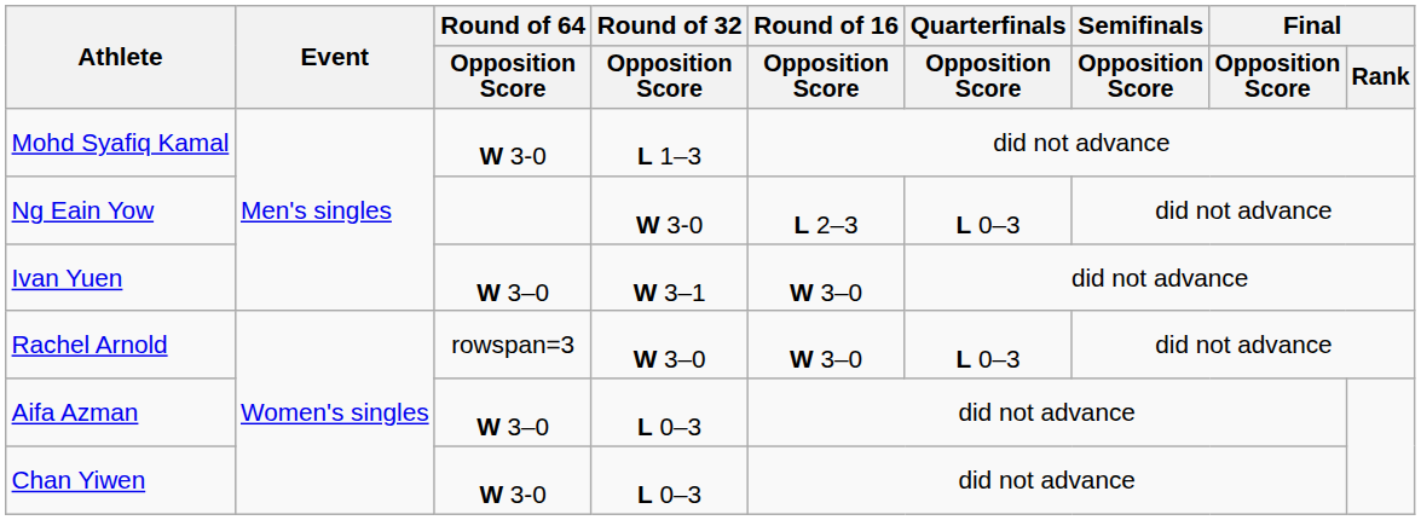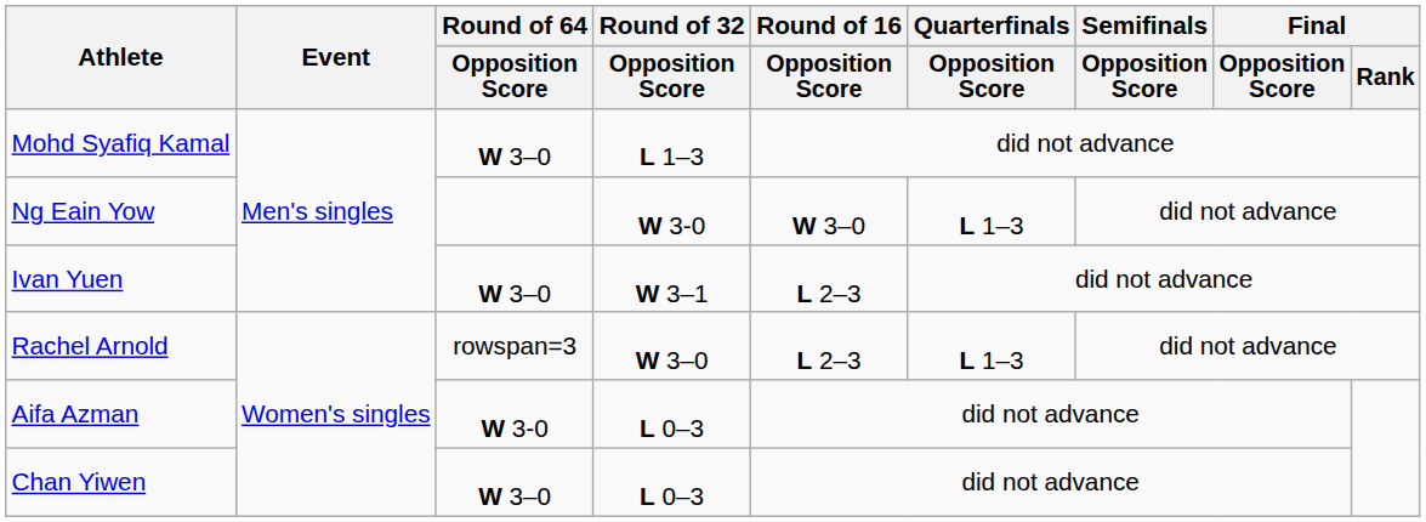 <table class=wikitable style=font-size:90%;text-align:center>
 <tr>
 <th rowspan=2>Athlete</th>
 <th rowspan=2>Event</th>
 <th>Round of 64</th>
 <th>Round of 32</th>
 <th>Round of 16</th>
 <th>Quarterfinals</th>
 <th>Semifinals</th>
 <th colspan=2>Final</th>
 </tr>
 <tr style=font-size:95%>
 <th>Opposition<br>Score</th>
 <th>Opposition<br>Score</th>
 <th>Opposition<br>Score</th>
 <th>Opposition<br>Score</th>
 <th>Opposition<br>Score</th>
 <th>Opposition<br>Score</th>
 <th>Rank</th>
 </tr>
 <tr>
 <td style="text-align:left"><a href='#'>Mohd Syafiq Kamal</a></td>
 <td style="text-align:left" rowspan=3><a href='#'>Men's singles</a></td>
-<td><br><strong>W</strong> 3-0</td>
+<td><br><strong>W</strong> 3–0</td>
 <td><br><strong>L</strong> 1–3</td>
 <td colspan=5>did not advance</td>
 </tr>
 <tr>
 <td style="text-align:left"><a href='#'>Ng Eain Yow</a></td>
 <td></td>
 <td><br><strong>W</strong> 3-0</td>
-<td><br><strong>L</strong> 2–3</td>
-<td><br><strong>L</strong> 0–3</td>
+<td><br><strong>W</strong> 3–0</td>
+<td><br><strong>L</strong> 1–3</td>
 <td colspan=3>did not advance</td>
 </tr>
 <tr>
 <td style="text-align:left"><a href='#'>Ivan Yuen</a></td>
 <td><br><strong>W</strong> 3–0</td>
 <td><br><strong>W</strong> 3–1</td>
-<td><br><strong>W</strong> 3–0</td>
+<td><br><strong>L</strong> 2–3</td>
 <td colspan=5>did not advance</td>
 </tr>
 <tr>
 <td style="text-align:left"><a href='#'>Rachel Arnold</a></td>
 <td style="text-align:left" rowspan=3><a href='#'>Women's singles</a></td>
 <td>rowspan=3 </td>
 <td><br><strong>W</strong> 3–0</td>
-<td><br><strong>W</strong> 3–0</td>
-<td><br><strong>L</strong> 0–3</td>
+<td><br><strong>L</strong> 2–3</td>
+<td><br><strong>L</strong> 1–3</td>
 <td colspan=3>did not advance</td>
 </tr>
 <tr>
 <td style="text-align:left"><a href='#'>Aifa Azman</a></td>
-<td><br><strong>W</strong> 3–0</td>
+<td><br><strong>W</strong> 3-0</td>
 <td><br><strong>L</strong> 0–3</td>
 <td colspan=4>did not advance</td>
 </tr>
 <tr>
 <td style="text-align:left"><a href='#'>Chan Yiwen</a></td>
-<td><br><strong>W</strong> 3-0</td>
+<td><br><strong>W</strong> 3–0</td>
 <td><br><strong>L</strong> 0–3</td>
 <td colspan=4>did not advance</td>
 </tr>
 </table>
